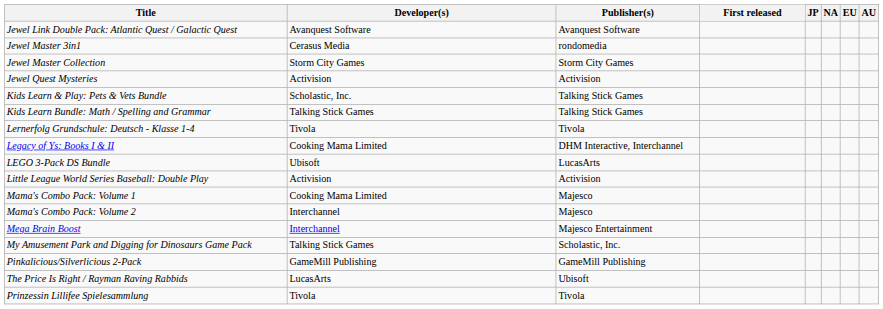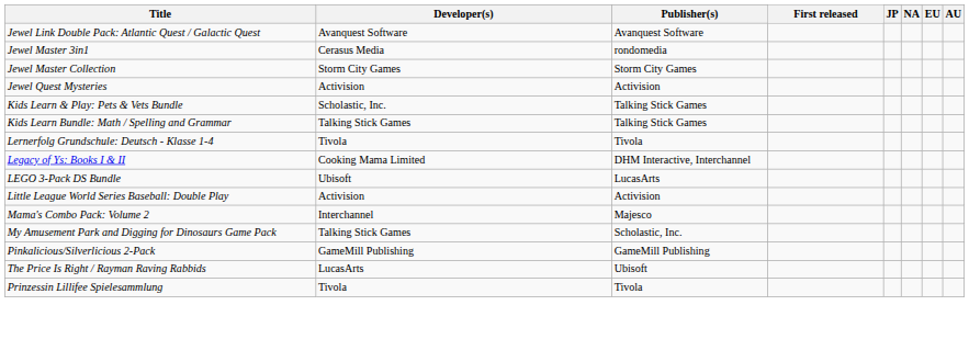 <table class="wikitable plainrowheaders sortable" style="font-size:90%;" id="bundlelist">
 <tr>
 <th width=40%>Title</th>
 <th width=40%>Developer(s)</th>
 <th width=85%>Publisher(s)</th>
 <th style="display:inline-block; border:0; width:144px;">First released</th>
 <th width=5%>JP</th>
 <th width=5%>NA</th>
 <th width=5%>EU</th>
 <th width=5%>AU</th>
 </tr>
 <tr>
 <td><em>Jewel Link Double Pack: Atlantic Quest / Galactic Quest</em></td>
 <td>Avanquest Software</td>
 <td>Avanquest Software</td>
 <td></td>
 <td></td>
 <td></td>
 <td></td>
 <td></td>
 </tr>
 <tr>
 <td><em>Jewel Master 3in1</em></td>
 <td>Cerasus Media</td>
 <td>rondomedia</td>
 <td></td>
 <td></td>
 <td></td>
 <td></td>
 <td></td>
 </tr>
 <tr>
 <td><em>Jewel Master Collection</em></td>
 <td>Storm City Games</td>
 <td>Storm City Games</td>
 <td></td>
 <td></td>
 <td></td>
 <td></td>
 <td></td>
 </tr>
 <tr>
 <td><em>Jewel Quest Mysteries</em></td>
 <td>Activision</td>
 <td>Activision</td>
 <td></td>
 <td></td>
 <td></td>
 <td></td>
 <td></td>
 </tr>
 <tr>
 <td><em>Kids Learn & Play: Pets & Vets Bundle</em></td>
 <td>Scholastic, Inc.</td>
 <td>Talking Stick Games</td>
 <td></td>
 <td></td>
 <td></td>
 <td></td>
 <td></td>
 </tr>
 <tr>
 <td><em>Kids Learn Bundle: Math / Spelling and Grammar</em></td>
 <td>Talking Stick Games</td>
 <td>Talking Stick Games</td>
 <td></td>
 <td></td>
 <td></td>
 <td></td>
 <td></td>
 </tr>
 <tr>
 <td><em>Lernerfolg Grundschule: Deutsch - Klasse 1-4</em></td>
 <td>Tivola</td>
 <td>Tivola</td>
 <td></td>
 <td></td>
 <td></td>
 <td></td>
 <td></td>
 </tr>
 <tr>
 <td><em><a href='#'>Legacy of Ys: Books I & II</a></em></td>
 <td>Cooking Mama Limited</td>
 <td>DHM Interactive, Interchannel</td>
 <td></td>
 <td></td>
 <td></td>
 <td></td>
 <td></td>
 </tr>
 <tr>
 <td><em>LEGO 3-Pack DS Bundle</em></td>
 <td>Ubisoft</td>
 <td>LucasArts</td>
 <td></td>
 <td></td>
 <td></td>
 <td></td>
 <td></td>
 </tr>
 <tr>
 <td><em>Little League World Series Baseball: Double Play</em></td>
 <td>Activision</td>
 <td>Activision</td>
 <td></td>
 <td></td>
 <td></td>
 <td></td>
 <td></td>
 </tr>
 <tr>
-<td><em>Mama's Combo Pack: Volume 1</em></td>
-<td>Cooking Mama Limited</td>
-<td>Majesco</td>
-<td></td>
-<td></td>
-<td></td>
-<td></td>
-<td></td>
-</tr>
-<tr>
 <td><em>Mama's Combo Pack: Volume 2</em></td>
 <td>Interchannel</td>
 <td>Majesco</td>
-<td></td>
-<td></td>
-<td></td>
-<td></td>
-<td></td>
-</tr>
-<tr>
-<td><em><a href='#'>Mega Brain Boost</a></em></td>
-<td><a href='#'>Interchannel</a></td>
-<td>Majesco Entertainment</td>
 <td></td>
 <td></td>
 <td></td>
 <td></td>
 <td></td>
 </tr>
 <tr>
 <td><em>My Amusement Park and Digging for Dinosaurs Game Pack</em></td>
 <td>Talking Stick Games</td>
 <td>Scholastic, Inc.</td>
 <td></td>
 <td></td>
 <td></td>
 <td></td>
 <td></td>
 </tr>
 <tr>
 <td><em>Pinkalicious/Silverlicious 2-Pack</em></td>
 <td>GameMill Publishing</td>
 <td>GameMill Publishing</td>
 <td></td>
 <td></td>
 <td></td>
 <td></td>
 <td></td>
 </tr>
 <tr>
 <td><em>The Price Is Right / Rayman Raving Rabbids</em></td>
 <td>LucasArts</td>
 <td>Ubisoft</td>
 <td></td>
 <td></td>
 <td></td>
 <td></td>
 <td></td>
 </tr>
 <tr>
 <td><em>Prinzessin Lillifee Spielesammlung</em></td>
 <td>Tivola</td>
 <td>Tivola</td>
 <td></td>
 <td></td>
 <td></td>
 <td></td>
 <td></td>
 </tr>
 </table>
